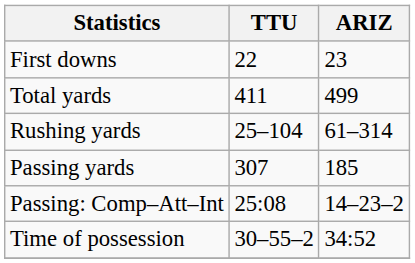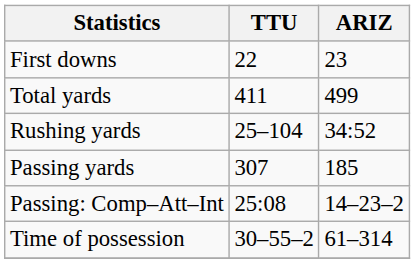 <table class="wikitable" style="float: left;">
 <tr>
 <th>Statistics</th>
 <th>TTU</th>
 <th>ARIZ</th>
 </tr>
 <tr>
 <td>First downs</td>
 <td>22</td>
 <td>23</td>
 </tr>
 <tr>
 <td>Total yards</td>
 <td>411</td>
 <td>499</td>
 </tr>
 <tr>
 <td>Rushing yards</td>
 <td>25–104</td>
-<td>61–314</td>
+<td>34:52</td>
 </tr>
 <tr>
 <td>Passing yards</td>
 <td>307</td>
 <td>185</td>
 </tr>
 <tr>
 <td>Passing: Comp–Att–Int</td>
 <td>25:08</td>
 <td>14–23–2</td>
 </tr>
 <tr>
 <td>Time of possession</td>
 <td>30–55–2</td>
-<td>34:52</td>
+<td>61–314</td>
 </tr>
 <tr>
 </tr>
 </table>
